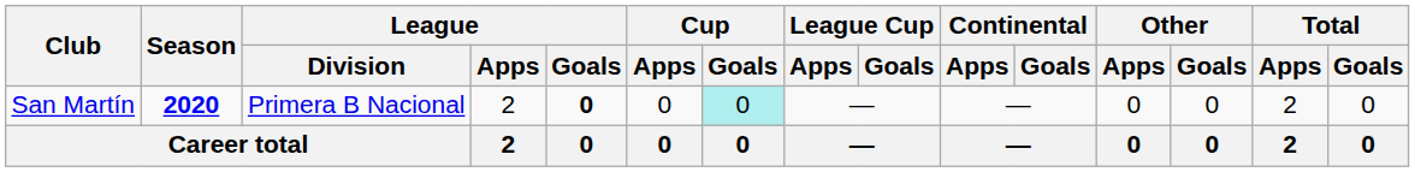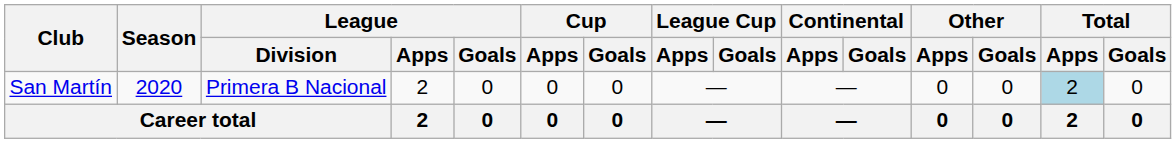 <table class="wikitable" style="text-align:center">
 <tr>
 <th rowspan="2">Club</th>
 <th rowspan="2">Season</th>
 <th colspan="3">League</th>
 <th colspan="2">Cup</th>
 <th colspan="2">League Cup</th>
 <th colspan="2">Continental</th>
 <th colspan="2">Other</th>
 <th colspan="2">Total</th>
 </tr>
 <tr>
 <th>Division</th>
 <th>Apps</th>
 <th>Goals</th>
 <th>Apps</th>
 <th>Goals</th>
 <th>Apps</th>
 <th>Goals</th>
 <th>Apps</th>
 <th>Goals</th>
 <th>Apps</th>
 <th>Goals</th>
 <th>Apps</th>
 <th>Goals</th>
 </tr>
 <tr>
 <td rowspan="1"><a href='#'>San Martín</a></td>
-<td><strong><a href='#'>2020</a></strong></td>
+<td><a href='#'>2020</a></td>
 <td rowspan="1"><a href='#'>Primera B Nacional</a></td>
 <td>2</td>
-<td><strong>0</strong></td>
 <td>0</td>
-<td style="background: paleturquoise;">0</td>
+<td>0</td>
+<td>0</td>
 <td colspan="2">—</td>
 <td colspan="2">—</td>
 <td>0</td>
 <td>0</td>
-<td>2</td>
+<td style="background: lightblue;">2</td>
 <td>0</td>
 </tr>
 <tr>
 <th colspan="3">Career total</th>
 <th>2</th>
 <th>0</th>
 <th>0</th>
 <th>0</th>
 <th colspan="2">—</th>
 <th colspan="2">—</th>
 <th>0</th>
 <th>0</th>
 <th>2</th>
 <th>0</th>
 </tr>
 </table>
